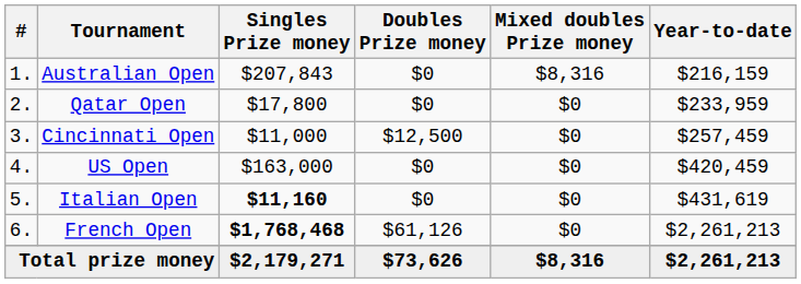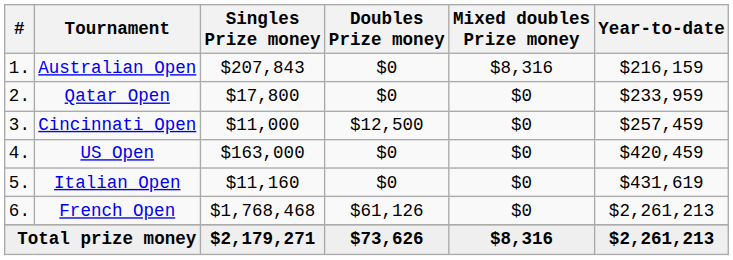 <table class="wikitable sortable" style="text-align:center">
 <tr>
 <th>#</th>
 <th>Tournament</th>
 <th>Singles<br>Prize money</th>
 <th>Doubles<br>Prize money</th>
 <th>Mixed doubles<br>Prize money</th>
 <th>Year-to-date</th>
 </tr>
 <tr>
 <td>1.</td>
 <td><a href='#'>Australian Open</a></td>
 <td>$207,843</td>
 <td>$0</td>
 <td>$8,316</td>
 <td>$216,159</td>
 </tr>
 <tr>
 <td>2.</td>
 <td><a href='#'>Qatar Open</a></td>
 <td>$17,800</td>
 <td>$0</td>
 <td>$0</td>
 <td>$233,959</td>
 </tr>
 <tr>
 <td>3.</td>
 <td><a href='#'>Cincinnati Open</a></td>
 <td>$11,000</td>
 <td>$12,500</td>
 <td>$0</td>
 <td>$257,459</td>
 </tr>
 <tr>
 <td>4.</td>
 <td><a href='#'>US Open</a></td>
 <td>$163,000</td>
 <td>$0</td>
 <td>$0</td>
 <td>$420,459</td>
 </tr>
 <tr>
 <td>5.</td>
 <td><a href='#'>Italian Open</a></td>
-<td><strong>$11,160</strong></td>
+<td>$11,160</td>
 <td>$0</td>
 <td>$0</td>
 <td>$431,619</td>
 </tr>
 <tr>
 <td>6.</td>
 <td><a href='#'>French Open</a></td>
-<td><strong>$1,768,468</strong></td>
+<td>$1,768,468</td>
 <td>$61,126</td>
 <td>$0</td>
 <td>$2,261,213</td>
 </tr>
 <tr>
 </tr>
 <tr style ="background:#efefef">
 <td colspan="2" align="right"><strong>Total prize money</strong></td>
 <td><strong>$2,179,271</strong></td>
 <td><strong>$73,626</strong></td>
 <td><strong>$8,316</strong></td>
 <td><strong>$2,261,213</strong></td>
 </tr>
 </table>
